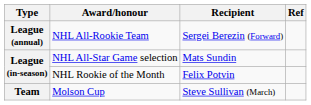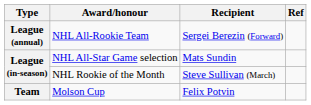 <table class="wikitable">
 <tr>
 <th scope="col">Type</th>
 <th scope="col">Award/honour</th>
 <th scope="col">Recipient</th>
 <th scope="col">Ref</th>
 </tr>
 <tr>
 <th scope="row">League<br><small>(annual)</small></th>
 <td><a href='#'>NHL All-Rookie Team</a></td>
 <td><a href='#'>Sergei Berezin</a> <small>(<a href='#'>Forward</a>)</small></td>
 <td></td>
 </tr>
 <tr>
 <th scope="row" rowspan="2">League<br><small>(in-season)</small></th>
 <td><a href='#'>NHL All-Star Game</a> selection</td>
 <td><a href='#'>Mats Sundin</a></td>
 <td></td>
 </tr>
 <tr>
 <td>NHL Rookie of the Month</td>
-<td><a href='#'>Felix Potvin</a></td>
+<td><a href='#'>Steve Sullivan</a> <small>(March)</small></td>
 <td></td>
 </tr>
 <tr>
 <th scope="row">Team</th>
 <td><a href='#'>Molson Cup</a></td>
-<td><a href='#'>Steve Sullivan</a> <small>(March)</small></td>
+<td><a href='#'>Felix Potvin</a></td>
 <td></td>
 </tr>
 </table>
